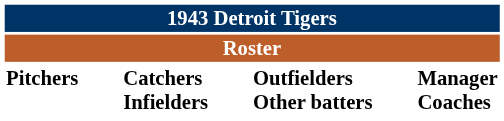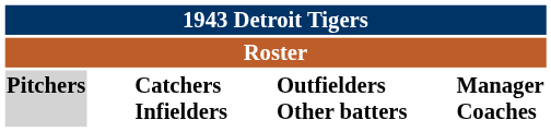 <table class="toccolours" style="font-size: 95%;">
 <tr>
 <th colspan="10" style="background-color: #003366; color: white; text-align: center;">1943 Detroit Tigers</th>
 </tr>
 <tr>
 <td colspan="10" style="background-color: #bd5d29; color: white; text-align: center;"><strong>Roster</strong></td>
 </tr>
 <tr>
-<td valign="top"><strong>Pitchers</strong><br>          </td>
+<td valign="top" style="background: lightgrey;"><strong>Pitchers</strong><br>          </td>
 <td width="25px"></td>
 <td valign="top"><strong>Catchers</strong><br>   <strong>Infielders</strong>     </td>
 <td width="25px"></td>
 <td valign="top"><strong>Outfielders</strong><br>       <strong>Other batters</strong> </td>
 <td width="25px"></td>
 <td valign="top"><strong>Manager</strong><br> <strong>Coaches</strong> </td>
 </tr>
 </table>
